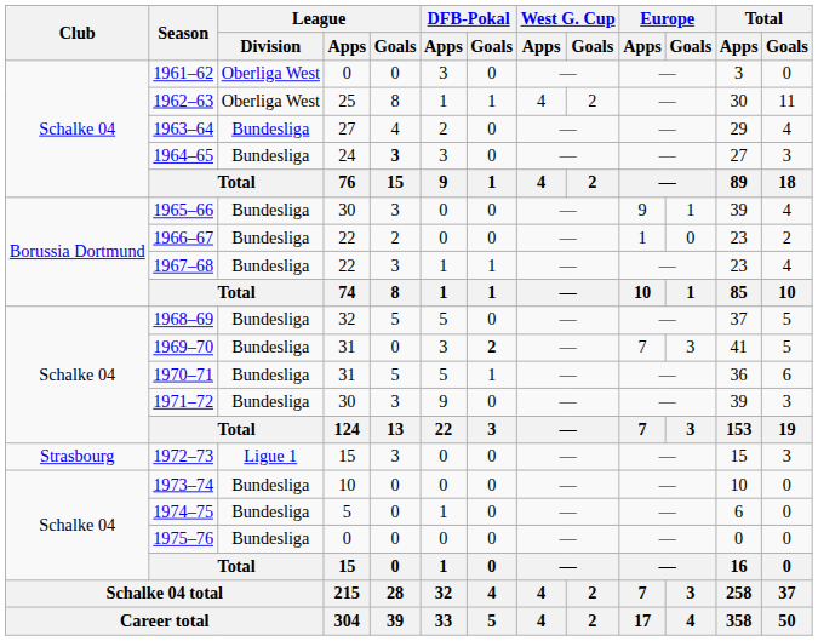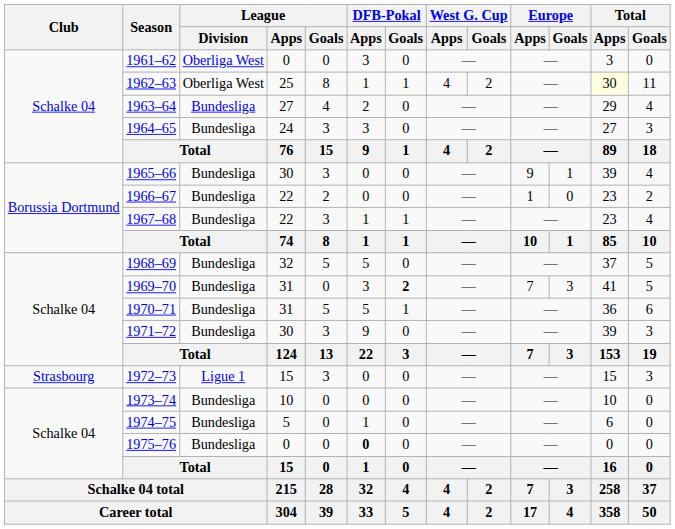 <table class="wikitable" style="text-align:center">
 <tr>
 <th rowspan="2">Club</th>
 <th rowspan="2">Season</th>
 <th colspan="3">League</th>
 <th colspan="2"><a href='#'>DFB-Pokal</a></th>
 <th colspan="2"><a href='#'>West G. Cup</a></th>
 <th colspan="2"><a href='#'>Europe</a></th>
 <th colspan="2">Total</th>
 </tr>
 <tr>
 <th>Division</th>
 <th>Apps</th>
 <th>Goals</th>
 <th>Apps</th>
 <th>Goals</th>
 <th>Apps</th>
 <th>Goals</th>
 <th>Apps</th>
 <th>Goals</th>
 <th>Apps</th>
 <th>Goals</th>
 </tr>
 <tr>
 <td rowspan="5"><a href='#'>Schalke 04</a></td>
 <td><a href='#'>1961–62</a></td>
 <td><a href='#'>Oberliga West</a></td>
 <td>0</td>
 <td>0</td>
 <td>3</td>
 <td>0</td>
 <td colspan="2">—</td>
 <td colspan="2">—</td>
 <td>3</td>
 <td>0</td>
 </tr>
 <tr>
 <td><a href='#'>1962–63</a></td>
 <td>Oberliga West</td>
 <td>25</td>
 <td>8</td>
 <td>1</td>
 <td>1</td>
 <td>4</td>
 <td>2</td>
 <td colspan="2">—</td>
-<td>30</td>
+<td style="background: lightyellow;">30</td>
 <td>11</td>
 </tr>
 <tr>
 <td><a href='#'>1963–64</a></td>
 <td><a href='#'>Bundesliga</a></td>
 <td>27</td>
 <td>4</td>
 <td>2</td>
 <td>0</td>
 <td colspan="2">—</td>
 <td colspan="2">—</td>
 <td>29</td>
 <td>4</td>
 </tr>
 <tr>
 <td><a href='#'>1964–65</a></td>
 <td>Bundesliga</td>
 <td>24</td>
-<td><strong>3</strong></td>
+<td>3</td>
 <td>3</td>
 <td>0</td>
 <td colspan="2">—</td>
 <td colspan="2">—</td>
 <td>27</td>
 <td>3</td>
 </tr>
 <tr>
 <th colspan="2">Total</th>
 <th>76</th>
 <th>15</th>
 <th>9</th>
 <th>1</th>
 <th>4</th>
 <th>2</th>
 <th colspan="2">—</th>
 <th>89</th>
 <th>18</th>
 </tr>
 <tr>
 <td rowspan="4"><a href='#'>Borussia Dortmund</a></td>
 <td><a href='#'>1965–66</a></td>
 <td>Bundesliga</td>
 <td>30</td>
 <td>3</td>
 <td>0</td>
 <td>0</td>
 <td colspan="2">—</td>
 <td>9</td>
 <td>1</td>
 <td>39</td>
 <td>4</td>
 </tr>
 <tr>
 <td><a href='#'>1966–67</a></td>
 <td>Bundesliga</td>
 <td>22</td>
 <td>2</td>
 <td>0</td>
 <td>0</td>
 <td colspan="2">—</td>
 <td>1</td>
 <td>0</td>
 <td>23</td>
 <td>2</td>
 </tr>
 <tr>
 <td><a href='#'>1967–68</a></td>
 <td>Bundesliga</td>
 <td>22</td>
 <td>3</td>
 <td>1</td>
 <td>1</td>
 <td colspan="2">—</td>
 <td colspan="2">—</td>
 <td>23</td>
 <td>4</td>
 </tr>
 <tr>
 <th colspan="2">Total</th>
 <th>74</th>
 <th>8</th>
 <th>1</th>
 <th>1</th>
 <th colspan="2">—</th>
 <th>10</th>
 <th>1</th>
 <th>85</th>
 <th>10</th>
 </tr>
 <tr>
 <td rowspan=5>Schalke 04</td>
 <td><a href='#'>1968–69</a></td>
 <td>Bundesliga</td>
 <td>32</td>
 <td>5</td>
 <td>5</td>
 <td>0</td>
 <td colspan="2">—</td>
 <td colspan="2">—</td>
 <td>37</td>
 <td>5</td>
 </tr>
 <tr>
 <td><a href='#'>1969–70</a></td>
 <td>Bundesliga</td>
 <td>31</td>
 <td>0</td>
 <td>3</td>
 <td><strong>2</strong></td>
 <td colspan="2">—</td>
 <td>7</td>
 <td>3</td>
 <td>41</td>
 <td>5</td>
 </tr>
 <tr>
 <td><a href='#'>1970–71</a></td>
 <td>Bundesliga</td>
 <td>31</td>
 <td>5</td>
 <td>5</td>
 <td>1</td>
 <td colspan="2">—</td>
 <td colspan="2">—</td>
 <td>36</td>
 <td>6</td>
 </tr>
 <tr>
 <td><a href='#'>1971–72</a></td>
 <td>Bundesliga</td>
 <td>30</td>
 <td>3</td>
 <td>9</td>
 <td>0</td>
 <td colspan="2">—</td>
 <td colspan="2">—</td>
 <td>39</td>
 <td>3</td>
 </tr>
 <tr>
 <th colspan="2">Total</th>
 <th>124</th>
 <th>13</th>
 <th>22</th>
 <th>3</th>
 <th colspan="2">—</th>
 <th>7</th>
 <th>3</th>
 <th>153</th>
 <th>19</th>
 </tr>
 <tr>
 <td><a href='#'>Strasbourg</a></td>
 <td><a href='#'>1972–73</a></td>
 <td><a href='#'>Ligue 1</a></td>
 <td>15</td>
 <td>3</td>
 <td>0</td>
 <td>0</td>
 <td colspan="2">—</td>
 <td colspan="2">—</td>
 <td>15</td>
 <td>3</td>
 </tr>
 <tr>
 <td rowspan="4">Schalke 04</td>
 <td><a href='#'>1973–74</a></td>
 <td>Bundesliga</td>
 <td>10</td>
 <td>0</td>
 <td>0</td>
 <td>0</td>
 <td colspan="2">—</td>
 <td colspan="2">—</td>
 <td>10</td>
 <td>0</td>
 </tr>
 <tr>
 <td><a href='#'>1974–75</a></td>
 <td>Bundesliga</td>
 <td>5</td>
 <td>0</td>
 <td>1</td>
 <td>0</td>
 <td colspan="2">—</td>
 <td colspan="2">—</td>
 <td>6</td>
 <td>0</td>
 </tr>
 <tr>
 <td><a href='#'>1975–76</a></td>
 <td>Bundesliga</td>
 <td>0</td>
 <td>0</td>
-<td>0</td>
+<td><strong>0</strong></td>
 <td>0</td>
 <td colspan="2">—</td>
 <td colspan="2">—</td>
 <td>0</td>
 <td>0</td>
 </tr>
 <tr>
 <th colspan="2">Total</th>
 <th>15</th>
 <th>0</th>
 <th>1</th>
 <th>0</th>
 <th colspan="2">—</th>
 <th colspan="2">—</th>
 <th>16</th>
 <th>0</th>
 </tr>
 <tr>
 <th colspan="3">Schalke 04 total</th>
 <th>215</th>
 <th>28</th>
 <th>32</th>
 <th>4</th>
 <th>4</th>
 <th>2</th>
 <th>7</th>
 <th>3</th>
 <th>258</th>
 <th>37</th>
 </tr>
 <tr>
 <th colspan="3">Career total</th>
 <th>304</th>
 <th>39</th>
 <th>33</th>
 <th>5</th>
 <th>4</th>
 <th>2</th>
 <th>17</th>
 <th>4</th>
 <th>358</th>
 <th>50</th>
 </tr>
 </table>
